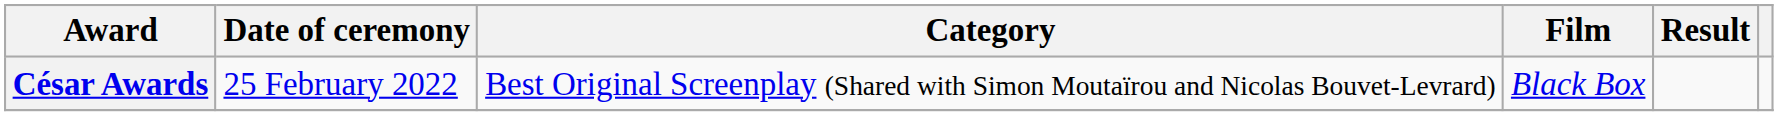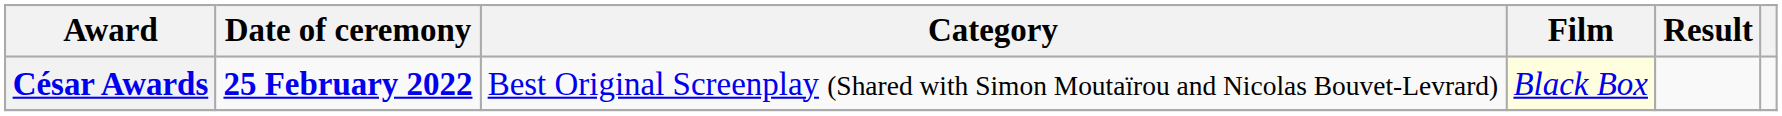 <table class="wikitable sortable plainrowheaders">
 <tr>
 <th scope="col">Award</th>
 <th scope="col">Date of ceremony</th>
 <th scope="col">Category</th>
 <th scope="col">Film</th>
 <th scope="col">Result</th>
 <th scope="col" class="unsortable"></th>
 </tr>
 <tr>
 <th scope="row"><a href='#'>César Awards</a></th>
-<td><a href='#'>25 February 2022</a></td>
+<td><strong><a href='#'>25 February 2022</a></strong></td>
 <td><a href='#'>Best Original Screenplay</a> <small>(Shared with Simon Moutaïrou and Nicolas Bouvet-Levrard)</small></td>
-<td><em><a href='#'>Black Box</a></em></td>
+<td style="background: lightyellow;"><em><a href='#'>Black Box</a></em></td>
 <td></td>
 <td align="center"></td>
 </tr>
 <tr>
 </tr>
 </table>
